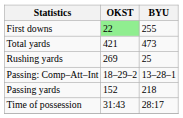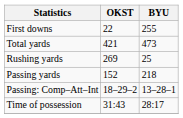 <table class="wikitable" style="float: left;">
 <tr>
 <th>Statistics</th>
 <th>OKST</th>
 <th>BYU</th>
 </tr>
 <tr>
 <td>First downs</td>
-<td style="background: lightgreen;">22</td>
+<td>22</td>
 <td>255</td>
 </tr>
 <tr>
 <td>Total yards</td>
 <td>421</td>
 <td>473</td>
 </tr>
 <tr>
 <td>Rushing yards</td>
 <td>269</td>
 <td>25</td>
 </tr>
 <tr>
+<td>Passing yards</td>
+<td>152</td>
+<td>218</td>
+</tr>
+<tr>
 <td>Passing: Comp–Att–Int</td>
 <td>18–29–2</td>
 <td>13–28–1</td>
-</tr>
-<tr>
-<td>Passing yards</td>
-<td>152</td>
-<td>218</td>
 </tr>
 <tr>
 <td>Time of possession</td>
 <td>31:43</td>
 <td>28:17</td>
 </tr>
 <tr>
 </tr>
 </table>
